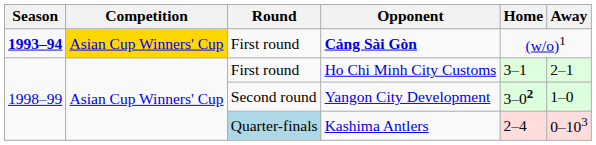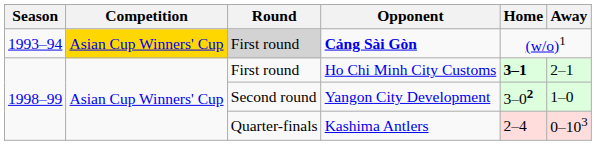 <table class="wikitable">
 <tr>
 <th>Season</th>
 <th>Competition</th>
 <th>Round</th>
 <th>Opponent</th>
 <th>Home</th>
 <th>Away</th>
 </tr>
 <tr>
-<td><strong><a href='#'>1993–94</a></strong></td>
+<td><a href='#'>1993–94</a></td>
 <td style="background: gold;"><a href='#'>Asian Cup Winners' Cup</a></td>
-<td>First round</td>
+<td style="background: lightgrey;">First round</td>
 <td> <strong><a href='#'>Cảng Sài Gòn</a></strong></td>
 <td colspan=3; style="text-align:center;"><a href='#'>(w/o)</a><sup>1</sup></td>
 </tr>
 <tr>
 <td rowspan="3" colspan="1"><a href='#'>1998–99</a></td>
 <td rowspan="3" colspan="1"><a href='#'>Asian Cup Winners' Cup</a></td>
 <td>First round</td>
 <td> <a href='#'>Ho Chi Minh City Customs</a></td>
-<td style="background:#dfd;">3–1</td>
+<td style="background:#dfd;"><strong>3–1</strong></td>
 <td style="background:#dfd;">2–1</td>
 </tr>
 <tr>
 <td>Second round</td>
 <td> <a href='#'>Yangon City Development</a></td>
 <td style="background:#dfd;">3–0<sup><strong>2</strong></sup></td>
 <td style="background:#dfd;">1–0</td>
 </tr>
 <tr>
-<td style="background: lightblue;">Quarter-finals</td>
+<td>Quarter-finals</td>
 <td> <a href='#'>Kashima Antlers</a></td>
 <td style="background:#fdd;">2–4</td>
 <td style="background:#fdd;">0–10<sup>3</sup></td>
 </tr>
 </table>
